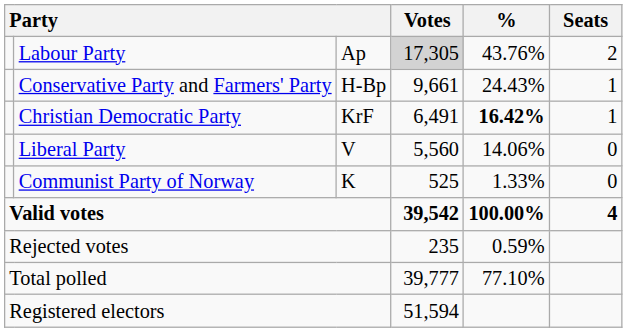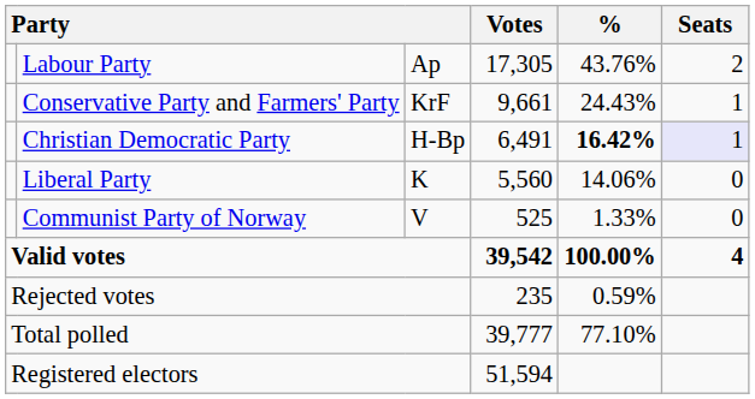 <table class="wikitable" border="1" style="text-align:right;">
 <tr>
 <th style="text-align:left;" colspan=3>Party</th>
 <th align=center width="50">Votes</th>
 <th align=center width="50">%</th>
 <th align=center width="50">Seats</th>
 </tr>
 <tr>
 <td style="color:inherit;background:"></td>
 <td align=left><a href='#'>Labour Party</a></td>
 <td align=left>Ap</td>
-<td style="background: lightgrey;">17,305</td>
+<td>17,305</td>
 <td>43.76%</td>
 <td>2</td>
 </tr>
 <tr>
 <td></td>
 <td align=left><a href='#'>Conservative Party</a> and <a href='#'>Farmers' Party</a></td>
-<td align=left>H-Bp</td>
+<td align=left>KrF</td>
 <td>9,661</td>
 <td>24.43%</td>
 <td>1</td>
 </tr>
 <tr>
 <td style="color:inherit;background:"></td>
 <td align=left><a href='#'>Christian Democratic Party</a></td>
-<td align=left>KrF</td>
+<td align=left>H-Bp</td>
 <td>6,491</td>
 <td><strong>16.42%</strong></td>
-<td>1</td>
+<td style="background: lavender;">1</td>
 </tr>
 <tr>
 <td style="color:inherit;background:"></td>
 <td align=left><a href='#'>Liberal Party</a></td>
-<td align=left>V</td>
+<td align=left>K</td>
 <td>5,560</td>
 <td>14.06%</td>
 <td>0</td>
 </tr>
 <tr>
 <td style="color:inherit;background:"></td>
 <td align=left><a href='#'>Communist Party of Norway</a></td>
-<td align=left>K</td>
+<td align=left>V</td>
 <td>525</td>
 <td>1.33%</td>
 <td>0</td>
 </tr>
 <tr style="font-weight:bold">
 <td align=left colspan=3>Valid votes</td>
 <td>39,542</td>
 <td>100.00%</td>
 <td>4</td>
 </tr>
 <tr>
 <td align=left colspan=3>Rejected votes</td>
 <td>235</td>
 <td>0.59%</td>
 <td></td>
 </tr>
 <tr>
 <td align=left colspan=3>Total polled</td>
 <td>39,777</td>
 <td>77.10%</td>
 <td></td>
 </tr>
 <tr>
 <td align=left colspan=3>Registered electors</td>
 <td>51,594</td>
 <td></td>
 <td></td>
 </tr>
 </table>
